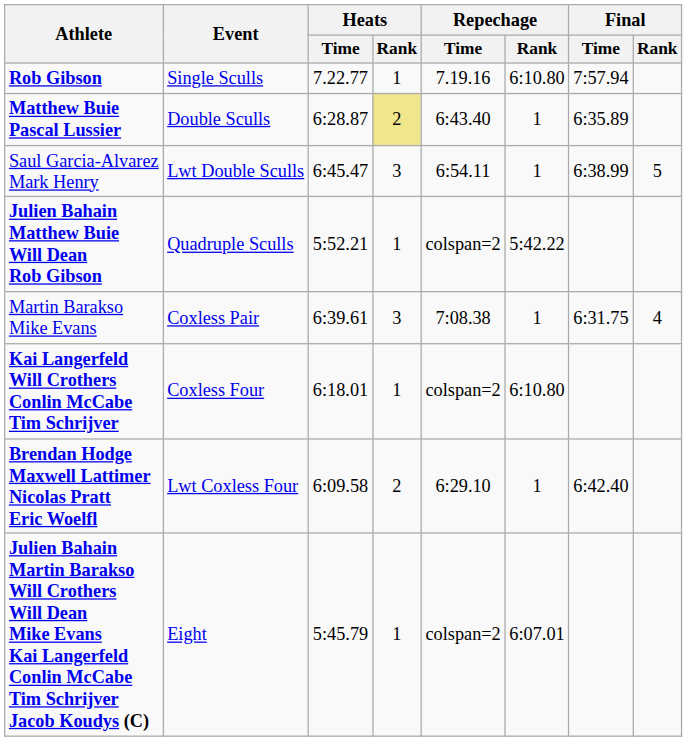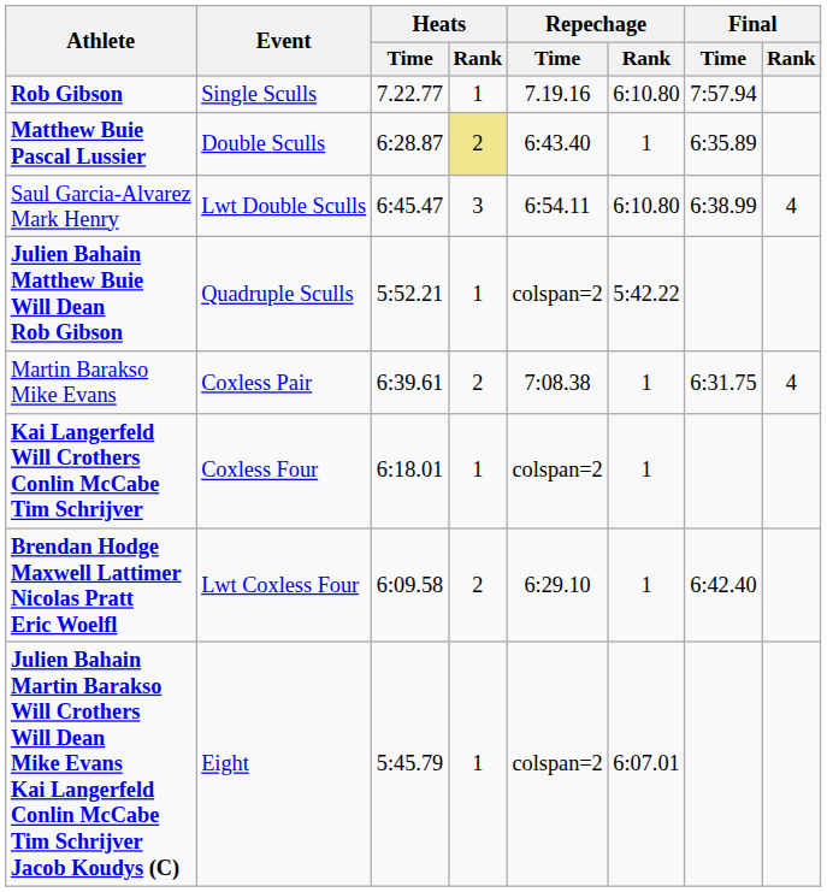 <table class="wikitable" style="font-size:90%">
 <tr>
 <th rowspan=2>Athlete</th>
 <th rowspan=2>Event</th>
 <th colspan=2>Heats</th>
 <th colspan=2>Repechage</th>
 <th colspan=2>Final</th>
 </tr>
 <tr style="font-size:95%">
 <th>Time</th>
 <th>Rank</th>
 <th>Time</th>
 <th>Rank</th>
 <th>Time</th>
 <th>Rank</th>
 </tr>
 <tr align=center>
 <td align=left><strong><a href='#'>Rob Gibson</a></strong></td>
 <td align=left><a href='#'>Single Sculls</a></td>
 <td>7.22.77</td>
 <td>1</td>
 <td>7.19.16</td>
 <td>6:10.80</td>
 <td>7:57.94</td>
 <td></td>
 </tr>
 <tr align=center>
 <td align=left><strong><a href='#'>Matthew Buie</a><br><a href='#'>Pascal Lussier</a></strong></td>
 <td align=left><a href='#'>Double Sculls</a></td>
 <td>6:28.87</td>
 <td style="background: khaki;">2</td>
 <td>6:43.40</td>
 <td>1</td>
 <td>6:35.89</td>
 <td></td>
 </tr>
 <tr align=center>
 <td align=left><a href='#'>Saul Garcia-Alvarez</a><br><a href='#'>Mark Henry</a></td>
 <td align=left><a href='#'>Lwt Double Sculls</a></td>
 <td>6:45.47</td>
 <td>3</td>
 <td>6:54.11</td>
-<td>1</td>
+<td>6:10.80</td>
 <td>6:38.99</td>
-<td>5</td>
+<td>4</td>
 </tr>
 <tr align=center>
 <td align=left><strong><a href='#'>Julien Bahain</a><br><a href='#'>Matthew Buie</a><br><a href='#'>Will Dean</a><br><a href='#'>Rob Gibson</a></strong></td>
 <td align=left><a href='#'>Quadruple Sculls</a></td>
 <td>5:52.21</td>
 <td>1</td>
 <td>colspan=2 </td>
 <td>5:42.22</td>
 <td></td>
 </tr>
 <tr align=center>
 <td align=left><a href='#'>Martin Barakso</a><br><a href='#'>Mike Evans</a></td>
 <td align=left><a href='#'>Coxless Pair</a></td>
 <td>6:39.61</td>
-<td>3</td>
+<td>2</td>
 <td>7:08.38</td>
 <td>1</td>
 <td>6:31.75</td>
 <td>4</td>
 </tr>
 <tr align=center>
 <td align=left><strong><a href='#'>Kai Langerfeld</a><br><a href='#'>Will Crothers</a><br><a href='#'>Conlin McCabe</a><br><a href='#'>Tim Schrijver</a></strong></td>
 <td align=left><a href='#'>Coxless Four</a></td>
 <td>6:18.01</td>
 <td>1</td>
 <td>colspan=2 </td>
-<td>6:10.80</td>
+<td>1</td>
 <td></td>
 </tr>
 <tr align=center>
 <td align=left><strong><a href='#'>Brendan Hodge</a><br><a href='#'>Maxwell Lattimer</a><br><a href='#'>Nicolas Pratt</a><br><a href='#'>Eric Woelfl</a></strong></td>
 <td align=left><a href='#'>Lwt Coxless Four</a></td>
 <td>6:09.58</td>
 <td>2</td>
 <td>6:29.10</td>
 <td>1</td>
 <td>6:42.40</td>
 <td></td>
 </tr>
 <tr align=center>
 <td align=left><strong><a href='#'>Julien Bahain</a><br><a href='#'>Martin Barakso</a><br><a href='#'>Will Crothers</a><br><a href='#'>Will Dean</a><br><a href='#'>Mike Evans</a><br><a href='#'>Kai Langerfeld</a><br><a href='#'>Conlin McCabe</a><br><a href='#'>Tim Schrijver</a><br><a href='#'>Jacob Koudys</a> (C)</strong></td>
 <td align=left><a href='#'>Eight</a></td>
 <td>5:45.79</td>
 <td>1</td>
 <td>colspan=2 </td>
 <td>6:07.01</td>
 <td></td>
 </tr>
 </table>
